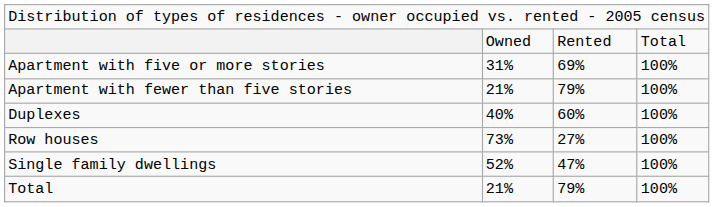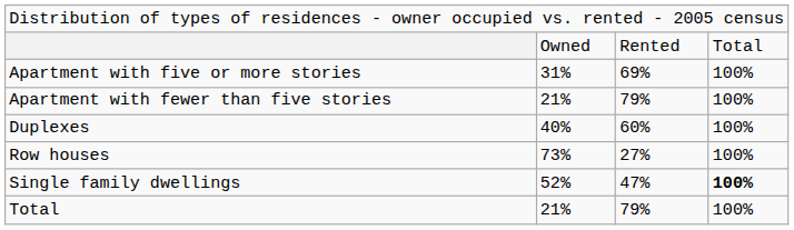 <table class="wikitable">
 <tr>
 <td colspan=4>Distribution of types of residences - owner occupied vs. rented - 2005 census</td>
 </tr>
 <tr>
 <th></th>
 <td>Owned</td>
 <td>Rented</td>
 <td>Total</td>
 </tr>
 <tr>
 <td>Apartment with five or more stories</td>
 <td>31%</td>
 <td>69%</td>
 <td>100%</td>
 </tr>
 <tr>
 <td>Apartment with fewer than five stories</td>
 <td>21%</td>
 <td>79%</td>
 <td>100%</td>
 </tr>
 <tr>
 <td>Duplexes</td>
 <td>40%</td>
 <td>60%</td>
 <td>100%</td>
 </tr>
 <tr>
 <td>Row houses</td>
 <td>73%</td>
 <td>27%</td>
 <td>100%</td>
 </tr>
 <tr>
 <td>Single family dwellings</td>
 <td>52%</td>
 <td>47%</td>
-<td>100%</td>
+<td><strong>100%</strong></td>
 </tr>
 <tr>
 <td>Total</td>
 <td>21%</td>
 <td>79%</td>
 <td>100%</td>
 </tr>
 </table>
